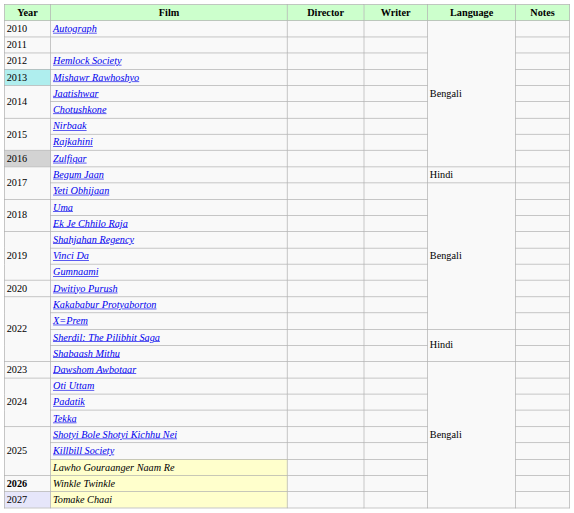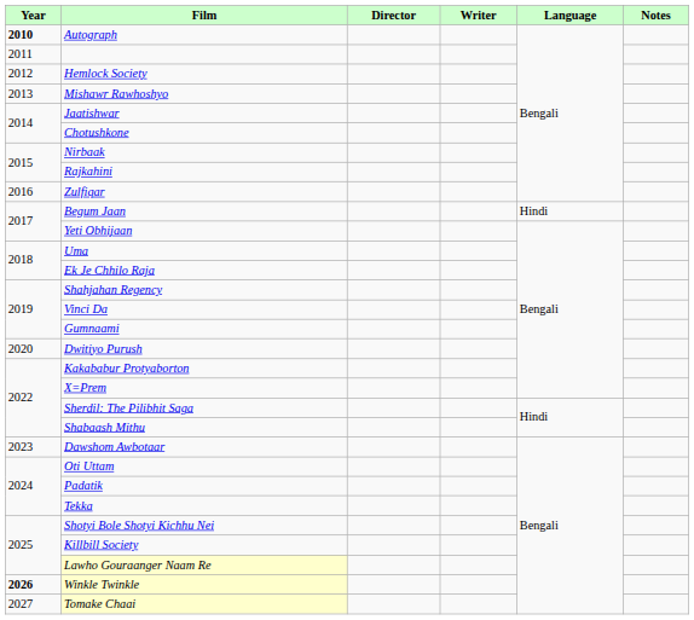 <table class="wikitable sortable" style="width: 100%">
 <tr style="background:#cfc; text-align:center;">
 <td><strong>Year</strong></td>
 <td><strong>Film</strong></td>
 <td><strong>Director</strong></td>
 <td><strong>Writer</strong></td>
 <td><strong>Language</strong></td>
 <td><strong>Notes </strong></td>
 </tr>
 <tr>
-<td>2010</td>
+<td><strong>2010</strong></td>
 <td><em><a href='#'>Autograph</a></em></td>
 <td></td>
 <td></td>
 <td rowspan="9">Bengali</td>
 <td></td>
 </tr>
 <tr>
 <td>2011</td>
 <td></td>
 <td></td>
 <td></td>
 <td></td>
 </tr>
 <tr>
 <td>2012</td>
 <td><em><a href='#'>Hemlock Society</a></em></td>
 <td></td>
 <td></td>
 <td></td>
 </tr>
 <tr>
-<td style="background: paleturquoise;">2013</td>
+<td>2013</td>
 <td><em><a href='#'>Mishawr Rawhoshyo</a></em></td>
 <td></td>
 <td></td>
 <td></td>
 </tr>
 <tr>
 <td rowspan="2">2014</td>
 <td><em><a href='#'>Jaatishwar</a></em></td>
 <td></td>
 <td></td>
 <td></td>
 </tr>
 <tr>
 <td><em><a href='#'>Chotushkone</a></em></td>
 <td></td>
 <td></td>
 <td></td>
 </tr>
 <tr>
 <td rowspan="2">2015</td>
 <td><em><a href='#'>Nirbaak</a></em></td>
 <td></td>
 <td></td>
 <td></td>
 </tr>
 <tr>
 <td><em><a href='#'>Rajkahini</a></em></td>
 <td></td>
 <td></td>
 </tr>
 <tr>
-<td style="background: lightgrey;">2016</td>
+<td>2016</td>
 <td><em><a href='#'>Zulfiqar</a></em></td>
 <td></td>
 <td></td>
 <td></td>
 </tr>
 <tr>
 <td rowspan="2">2017</td>
 <td><em><a href='#'>Begum Jaan</a></em></td>
 <td></td>
 <td></td>
 <td>Hindi</td>
 <td></td>
 </tr>
 <tr>
 <td><em><a href='#'>Yeti Obhijaan</a></em></td>
 <td></td>
 <td></td>
 <td rowspan="9">Bengali</td>
 <td></td>
 </tr>
 <tr>
 <td rowspan="2">2018</td>
 <td><em><a href='#'>Uma</a></em></td>
 <td></td>
 <td></td>
 <td></td>
 </tr>
 <tr>
 <td><em><a href='#'>Ek Je Chhilo Raja</a></em></td>
 <td></td>
 <td></td>
 <td></td>
 </tr>
 <tr>
 <td rowspan="3">2019</td>
 <td><em><a href='#'>Shahjahan Regency</a></em></td>
 <td></td>
 <td></td>
 <td></td>
 </tr>
 <tr>
 <td><em><a href='#'>Vinci Da</a></em></td>
 <td></td>
 <td></td>
 <td></td>
 </tr>
 <tr>
 <td><em><a href='#'>Gumnaami</a></em></td>
 <td></td>
 <td></td>
 <td></td>
 </tr>
 <tr>
 <td>2020</td>
 <td><em><a href='#'>Dwitiyo Purush</a></em></td>
 <td></td>
 <td></td>
 <td></td>
 </tr>
 <tr>
 <td rowspan="4">2022</td>
 <td><em><a href='#'>Kakababur Protyaborton</a></em></td>
 <td></td>
 <td></td>
 <td></td>
 </tr>
 <tr>
 <td><em><a href='#'>X=Prem</a></em></td>
 <td></td>
 <td></td>
 <td></td>
 </tr>
 <tr>
 <td><em><a href='#'>Sherdil: The Pilibhit Saga</a></em></td>
 <td></td>
 <td></td>
 <td rowspan="2">Hindi</td>
 <td></td>
 </tr>
 <tr>
 <td><em><a href='#'>Shabaash Mithu</a></em></td>
 <td></td>
 <td></td>
 <td></td>
 </tr>
 <tr>
 <td>2023</td>
 <td><em><a href='#'>Dawshom Awbotaar</a></em></td>
 <td></td>
 <td></td>
 <td rowspan="9">Bengali</td>
 <td></td>
 </tr>
 <tr>
 <td rowspan="3">2024</td>
 <td><em><a href='#'>Oti Uttam</a></em></td>
 <td></td>
 <td></td>
 <td></td>
 </tr>
 <tr>
 <td><em><a href='#'>Padatik</a></em></td>
 <td></td>
 <td></td>
 <td></td>
 </tr>
 <tr>
 <td><em><a href='#'>Tekka</a></em></td>
 <td></td>
 <td></td>
 <td></td>
 </tr>
 <tr>
 <td rowspan="3">2025</td>
 <td><em><a href='#'>Shotyi Bole Shotyi Kichhu Nei</a></em></td>
 <td></td>
 <td></td>
 <td></td>
 </tr>
 <tr>
 <td><em><a href='#'>Killbill Society</a></em></td>
 <td></td>
 <td></td>
 <td></td>
 </tr>
 <tr>
 <td style="background:#ffc;"><em>Lawho Gouraanger Naam Re</em></td>
 <td></td>
 <td></td>
 <td></td>
 </tr>
 <tr>
 <td><strong>2026</strong></td>
 <td style="background:#ffc;"><em>Winkle Twinkle</em></td>
 <td></td>
 <td></td>
 <td></td>
 </tr>
 <tr>
-<td style="background: lavender;">2027</td>
+<td>2027</td>
 <td style="background:#ffc;"><em>Tomake Chaai</em></td>
 <td></td>
 <td></td>
 </tr>
 </table>
